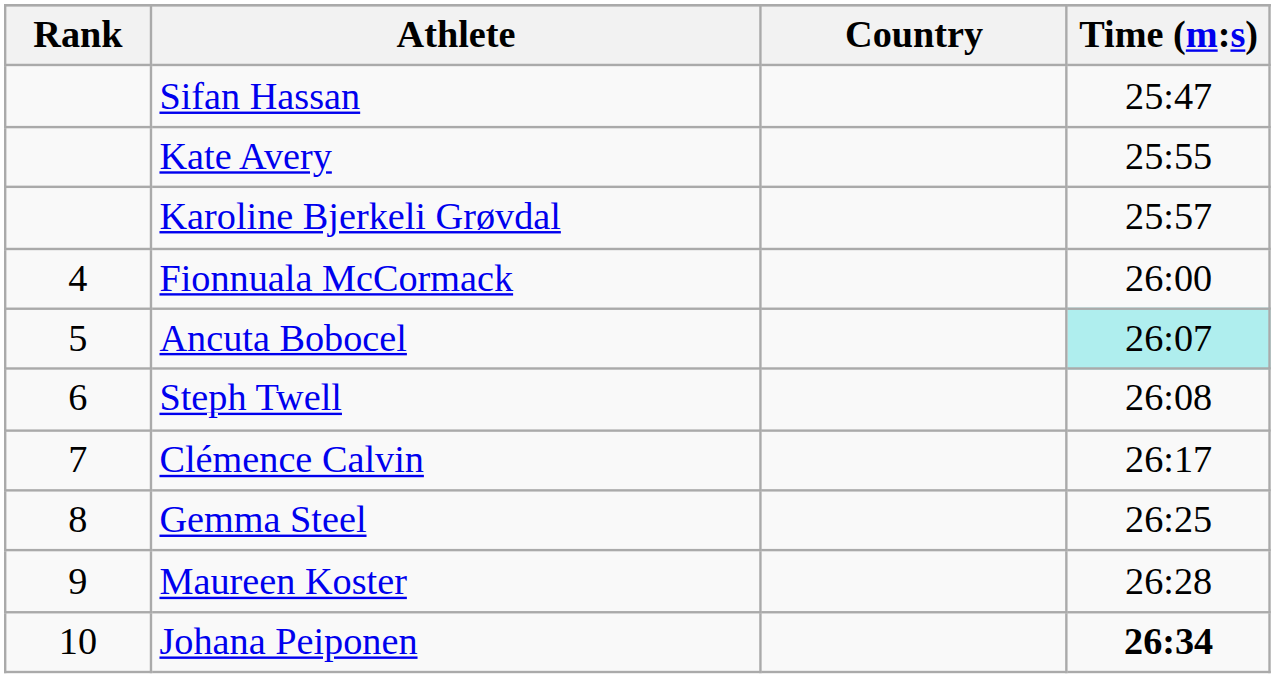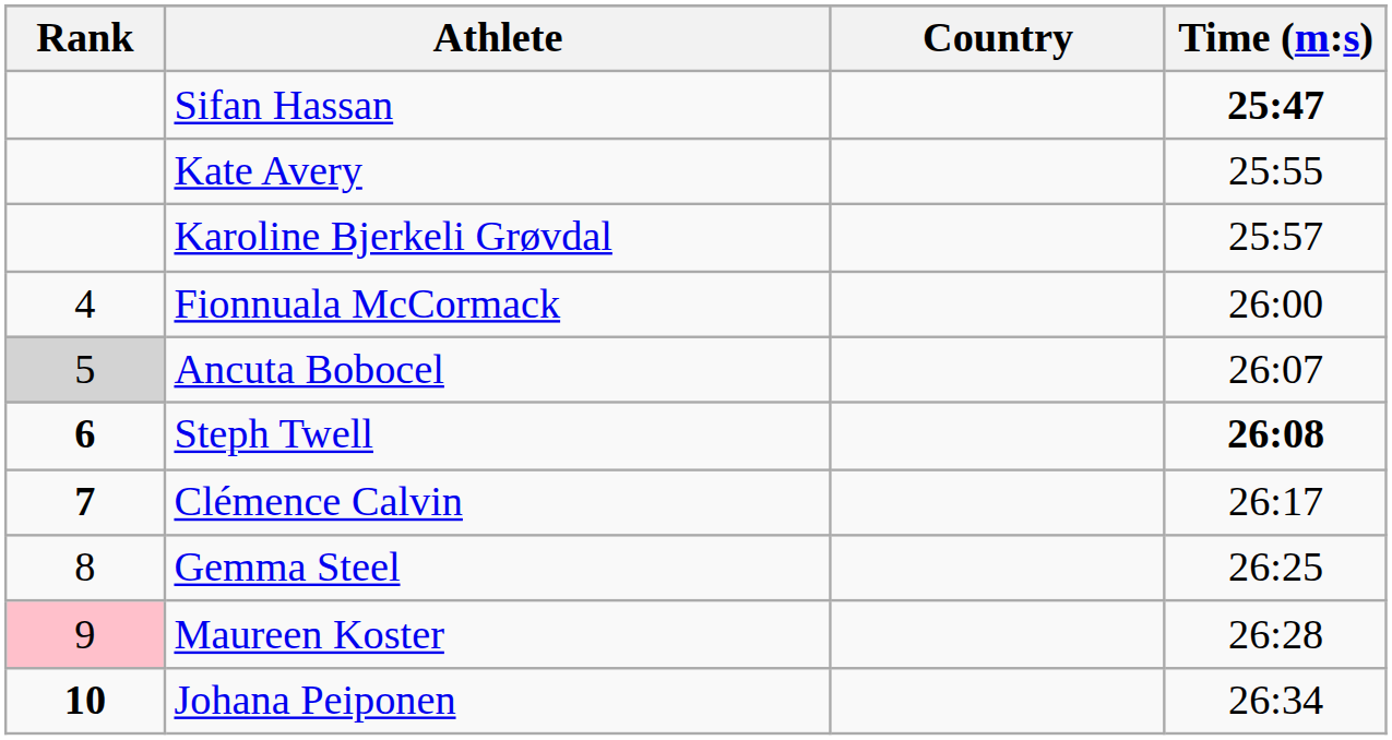 <table class="wikitable" style="text-align:center;" width="60%">
 <tr>
 </tr>
 <tr>
 <th width=5%>Rank</th>
 <th width=30%>Athlete</th>
 <th width=15%>Country</th>
 <th width=10%>Time (<a href='#'>m</a>:<a href='#'>s</a>)</th>
 </tr>
 <tr>
 <td></td>
 <td align="left"><a href='#'>Sifan Hassan</a></td>
 <td align="left"></td>
-<td>25:47</td>
+<td><strong>25:47</strong></td>
 </tr>
 <tr>
 <td></td>
 <td align="left"><a href='#'>Kate Avery</a></td>
 <td align="left"></td>
 <td>25:55</td>
 </tr>
 <tr>
 <td></td>
 <td align="left"><a href='#'>Karoline Bjerkeli Grøvdal</a></td>
 <td align="left"></td>
 <td>25:57</td>
 </tr>
 <tr>
 <td>4</td>
 <td align="left"><a href='#'>Fionnuala McCormack</a></td>
 <td align="left"></td>
 <td>26:00</td>
 </tr>
 <tr>
-<td>5</td>
+<td style="background: lightgrey;">5</td>
 <td align="left"><a href='#'>Ancuta Bobocel</a></td>
 <td align="left"></td>
-<td style="background: paleturquoise;">26:07</td>
+<td>26:07</td>
 </tr>
 <tr>
-<td>6</td>
+<td><strong>6</strong></td>
 <td align="left"><a href='#'>Steph Twell</a></td>
 <td align="left"></td>
-<td>26:08</td>
+<td><strong>26:08</strong></td>
 </tr>
 <tr>
-<td>7</td>
+<td><strong>7</strong></td>
 <td align="left"><a href='#'>Clémence Calvin</a></td>
 <td align="left"></td>
 <td>26:17</td>
 </tr>
 <tr>
 <td>8</td>
 <td align="left"><a href='#'>Gemma Steel</a></td>
 <td align="left"></td>
 <td>26:25</td>
 </tr>
 <tr>
-<td>9</td>
+<td style="background: pink;">9</td>
 <td align="left"><a href='#'>Maureen Koster</a></td>
 <td align="left"></td>
 <td>26:28</td>
 </tr>
 <tr>
-<td>10</td>
+<td><strong>10</strong></td>
 <td align="left"><a href='#'>Johana Peiponen</a></td>
 <td align="left"></td>
-<td><strong>26:34</strong></td>
+<td>26:34</td>
 </tr>
 </table>
